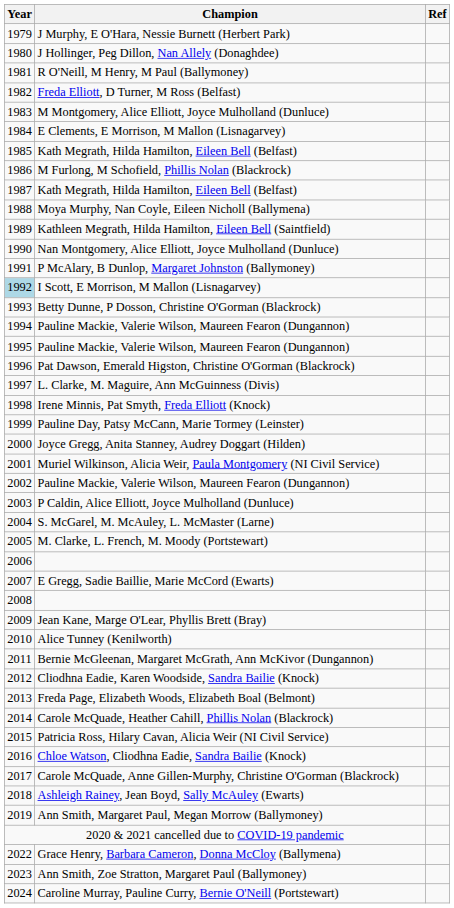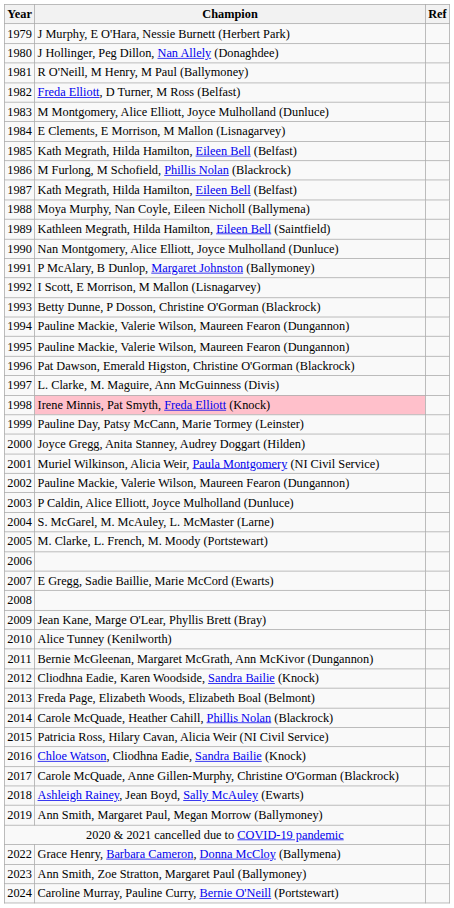 <table class="wikitable">
 <tr>
 <th width="30">Year</th>
 <th width="500">Champion</th>
 <th width="20">Ref</th>
 </tr>
 <tr>
 <td align=center>1979</td>
 <td>J Murphy, E O'Hara, Nessie Burnett (Herbert Park)</td>
 <td></td>
 </tr>
 <tr>
 <td align=center>1980</td>
 <td>J Hollinger, Peg Dillon, <a href='#'>Nan Allely</a> (Donaghdee)</td>
 <td></td>
 </tr>
 <tr>
 <td align=center>1981</td>
 <td>R O'Neill, M Henry, M Paul (Ballymoney)</td>
 <td></td>
 </tr>
 <tr>
 <td align=center>1982</td>
 <td><a href='#'>Freda Elliott</a>, D Turner, M Ross (Belfast)</td>
 <td></td>
 </tr>
 <tr>
 <td align=center>1983</td>
 <td>M Montgomery, Alice Elliott, Joyce Mulholland (Dunluce)</td>
 <td></td>
 </tr>
 <tr>
 <td align=center>1984</td>
 <td>E Clements, E Morrison, M Mallon (Lisnagarvey)</td>
 <td></td>
 </tr>
 <tr>
 <td align=center>1985</td>
 <td>Kath Megrath, Hilda Hamilton, <a href='#'>Eileen Bell</a> (Belfast)</td>
 <td></td>
 </tr>
 <tr>
 <td align=center>1986</td>
 <td>M Furlong, M Schofield, <a href='#'>Phillis Nolan</a> (Blackrock)</td>
 <td></td>
 </tr>
 <tr>
 <td align=center>1987</td>
 <td>Kath Megrath, Hilda Hamilton, <a href='#'>Eileen Bell</a> (Belfast)</td>
 <td></td>
 </tr>
 <tr>
 <td align=center>1988</td>
 <td>Moya Murphy, Nan Coyle, Eileen Nicholl (Ballymena)</td>
 <td></td>
 </tr>
 <tr>
 <td align=center>1989</td>
 <td>Kathleen Megrath, Hilda Hamilton, <a href='#'>Eileen Bell</a> (Saintfield)</td>
 <td></td>
 </tr>
 <tr>
 <td align=center>1990</td>
 <td>Nan Montgomery, Alice Elliott, Joyce Mulholland (Dunluce)</td>
 <td></td>
 </tr>
 <tr>
 <td align=center>1991</td>
 <td>P McAlary, B Dunlop, <a href='#'>Margaret Johnston</a>  (Ballymoney)</td>
 <td></td>
 </tr>
 <tr>
-<td align=center style="background: lightblue;">1992</td>
+<td align=center>1992</td>
 <td>I Scott, E Morrison, M Mallon (Lisnagarvey)</td>
 <td></td>
 </tr>
 <tr>
 <td align=center>1993</td>
 <td>Betty Dunne, P Dosson, Christine O'Gorman (Blackrock)</td>
 <td></td>
 </tr>
 <tr>
 <td align=center>1994</td>
 <td>Pauline Mackie, Valerie Wilson, Maureen Fearon (Dungannon)</td>
 <td></td>
 </tr>
 <tr>
 <td align=center>1995</td>
 <td>Pauline Mackie, Valerie Wilson, Maureen Fearon (Dungannon)</td>
 <td></td>
 </tr>
 <tr>
 <td align=center>1996</td>
 <td>Pat Dawson, Emerald Higston, Christine O'Gorman (Blackrock)</td>
 <td></td>
 </tr>
 <tr>
 <td align=center>1997</td>
 <td>L. Clarke, M. Maguire, Ann McGuinness (Divis)</td>
 <td></td>
 </tr>
 <tr>
 <td align=center>1998</td>
-<td>Irene Minnis, Pat Smyth, <a href='#'>Freda Elliott</a> (Knock)</td>
+<td style="background: pink;">Irene Minnis, Pat Smyth, <a href='#'>Freda Elliott</a> (Knock)</td>
 <td></td>
 </tr>
 <tr>
 <td align=center>1999</td>
 <td>Pauline Day, Patsy McCann, Marie Tormey (Leinster)</td>
 <td></td>
 </tr>
 <tr>
 <td align=center>2000</td>
 <td>Joyce Gregg, Anita Stanney, Audrey Doggart (Hilden)</td>
 <td></td>
 </tr>
 <tr>
 <td align=center>2001</td>
 <td>Muriel Wilkinson, Alicia Weir, <a href='#'>Paula Montgomery</a> (NI Civil Service)</td>
 <td></td>
 </tr>
 <tr>
 <td align=center>2002</td>
 <td>Pauline Mackie, Valerie Wilson, Maureen Fearon (Dungannon)</td>
 <td></td>
 </tr>
 <tr>
 <td align=center>2003</td>
 <td>P Caldin, Alice Elliott, Joyce Mulholland (Dunluce)</td>
 <td></td>
 </tr>
 <tr>
 <td align=center>2004</td>
 <td>S. McGarel, M. McAuley, L. McMaster (Larne)</td>
 <td></td>
 </tr>
 <tr>
 <td align=center>2005</td>
 <td>M. Clarke, L. French, M. Moody (Portstewart)</td>
 <td></td>
 </tr>
 <tr>
 <td align=center>2006</td>
 <td></td>
 <td></td>
 </tr>
 <tr>
 <td align=center>2007</td>
 <td>E Gregg, Sadie Baillie, Marie McCord (Ewarts)</td>
 <td></td>
 </tr>
 <tr>
 <td align=center>2008</td>
 <td></td>
 <td></td>
 </tr>
 <tr>
 <td align=center>2009</td>
 <td>Jean Kane, Marge O'Lear, Phyllis Brett (Bray)</td>
 <td></td>
 </tr>
 <tr>
 <td align=center>2010</td>
 <td>Alice Tunney (Kenilworth)</td>
 <td></td>
 </tr>
 <tr>
 <td align=center>2011</td>
 <td>Bernie McGleenan, Margaret McGrath, Ann McKivor (Dungannon)</td>
 <td></td>
 </tr>
 <tr>
 <td align=center>2012</td>
 <td>Cliodhna Eadie, Karen Woodside, <a href='#'>Sandra Bailie</a> (Knock)</td>
 <td></td>
 </tr>
 <tr>
 <td align=center>2013</td>
 <td>Freda Page, Elizabeth Woods, Elizabeth Boal (Belmont)</td>
 <td></td>
 </tr>
 <tr>
 <td align=center>2014</td>
 <td>Carole McQuade, Heather Cahill, <a href='#'>Phillis Nolan</a> (Blackrock)</td>
 <td></td>
 </tr>
 <tr>
 <td align=center>2015</td>
 <td>Patricia Ross, Hilary Cavan, Alicia Weir (NI Civil Service)</td>
 <td></td>
 </tr>
 <tr>
 <td align=center>2016</td>
 <td><a href='#'>Chloe Watson</a>, Cliodhna Eadie, <a href='#'>Sandra Bailie</a> (Knock)</td>
 <td></td>
 </tr>
 <tr>
 <td align=center>2017</td>
 <td>Carole McQuade, Anne Gillen-Murphy, Christine O'Gorman (Blackrock)</td>
 <td></td>
 </tr>
 <tr>
 <td align=center>2018</td>
 <td><a href='#'>Ashleigh Rainey</a>, Jean Boyd, <a href='#'>Sally McAuley</a> (Ewarts)</td>
 <td></td>
 </tr>
 <tr>
 <td align=center>2019</td>
 <td>Ann Smith, Margaret Paul, Megan Morrow (Ballymoney)</td>
 <td></td>
 </tr>
 <tr align=center>
 <td colspan=2>2020 & 2021 cancelled due to  <a href='#'>COVID-19 pandemic</a></td>
 </tr>
 <tr>
 <td align=center>2022</td>
 <td>Grace Henry, <a href='#'>Barbara Cameron</a>, <a href='#'>Donna McCloy</a> (Ballymena)</td>
 <td></td>
 </tr>
 <tr>
 <td align=center>2023</td>
 <td>Ann Smith, Zoe Stratton, Margaret Paul (Ballymoney)</td>
 <td></td>
 </tr>
 <tr>
 <td>2024</td>
 <td>Caroline Murray, Pauline Curry, <a href='#'>Bernie O'Neill</a> (Portstewart)</td>
 <td></td>
 </tr>
 </table>
